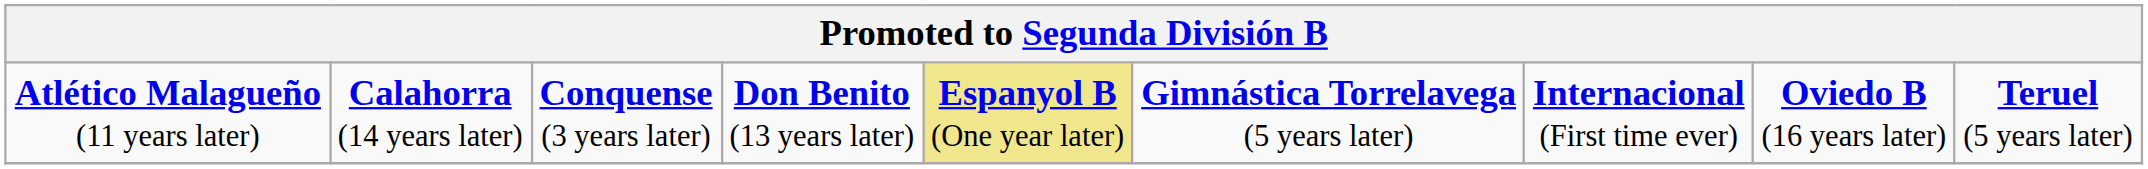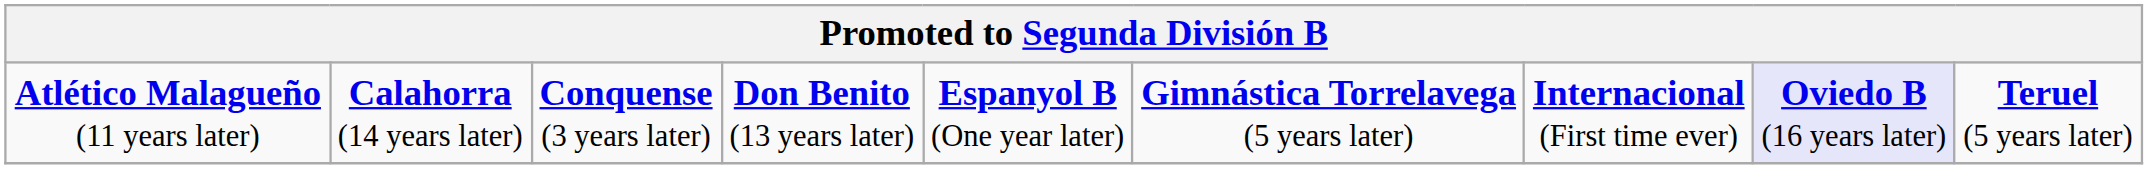 <table class="wikitable" style="text-align: center; margin: 0 auto;">
 <tr>
 <th colspan="9">Promoted to <a href='#'>Segunda División B</a></th>
 </tr>
 <tr>
 <td><strong><a href='#'>Atlético Malagueño</a></strong><br><small>(11 years later)</small></td>
 <td><strong><a href='#'>Calahorra</a></strong><br><small>(14 years later)</small></td>
 <td><strong><a href='#'>Conquense</a></strong><br><small>(3 years later)</small></td>
 <td><strong><a href='#'>Don Benito</a></strong><br><small>(13 years later)</small></td>
-<td style="background: khaki;"><strong><a href='#'>Espanyol B</a></strong><br><small>(One year later)</small></td>
+<td><strong><a href='#'>Espanyol B</a></strong><br><small>(One year later)</small></td>
 <td><strong><a href='#'>Gimnástica Torrelavega</a></strong><br><small>(5 years later)</small></td>
 <td><strong><a href='#'>Internacional</a></strong><br><small>(First time ever)</small></td>
-<td><strong><a href='#'>Oviedo B</a></strong><br><small>(16 years later)</small></td>
+<td style="background: lavender;"><strong><a href='#'>Oviedo B</a></strong><br><small>(16 years later)</small></td>
 <td><strong><a href='#'>Teruel</a></strong><br><small>(5 years later)</small></td>
 </tr>
 <tr>
 </tr>
 </table>
